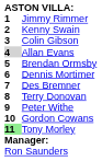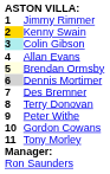 <table style="font-size: 90%" cellspacing="0" cellpadding="0">
 <tr>
 <td colspan="4"><strong>ASTON VILLA:</strong></td>
 </tr>
 <tr>
 <th width="25"></th>
 </tr>
 <tr>
 <td><strong>1</strong></td>
 <td> <a href='#'>Jimmy Rimmer</a></td>
 </tr>
 <tr>
-<td><strong>2</strong></td>
+<td style="background: gold;"><strong>2</strong></td>
 <td> <a href='#'>Kenny Swain</a></td>
 </tr>
 <tr>
-<td><strong>3</strong></td>
+<td style="background: paleturquoise;"><strong>3</strong></td>
 <td> <a href='#'>Colin Gibson</a></td>
 </tr>
 <tr>
-<td style="background: lightgrey;"><strong>4</strong></td>
+<td><strong>4</strong></td>
 <td> <a href='#'>Allan Evans</a></td>
 </tr>
 <tr>
-<td><strong>5</strong></td>
+<td style="background: lightyellow;"><strong>5</strong></td>
 <td> <a href='#'>Brendan Ormsby</a></td>
 </tr>
 <tr>
-<td><strong>6</strong></td>
+<td style="background: lightgrey;"><strong>6</strong></td>
 <td> <a href='#'>Dennis Mortimer</a></td>
 </tr>
 <tr>
 <td><strong>7</strong></td>
 <td> <a href='#'>Des Bremner</a></td>
 </tr>
 <tr>
 <td><strong>8</strong></td>
 <td> <a href='#'>Terry Donovan</a></td>
 </tr>
 <tr>
 <td><strong>9</strong></td>
 <td> <a href='#'>Peter Withe</a></td>
 </tr>
 <tr>
 <td><strong>10</strong></td>
 <td> <a href='#'>Gordon Cowans</a></td>
 </tr>
 <tr>
-<td style="background: lightgreen;"><strong>11</strong></td>
+<td><strong>11</strong></td>
 <td> <a href='#'>Tony Morley</a></td>
 </tr>
 <tr>
 <td colspan=4><strong>Manager:</strong></td>
 </tr>
 <tr>
 <td colspan="4"> <a href='#'>Ron Saunders</a></td>
 </tr>
 </table>
